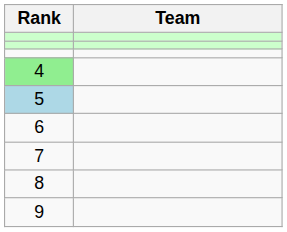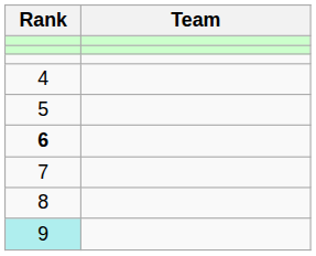 <table class="wikitable" style="text-align: center;">
 <tr>
 <th width="55">Rank</th>
 <th width="180">Team</th>
 </tr>
 <tr bgcolor="ccffcc">
 <td></td>
 <td align="left"></td>
 </tr>
 <tr bgcolor="ccffcc">
 <td></td>
 <td align="left"></td>
 </tr>
 <tr>
 <td></td>
 <td align="left"></td>
 </tr>
 <tr>
-<td style="background: lightgreen;">4</td>
+<td>4</td>
 <td align="left"></td>
 </tr>
 <tr>
-<td style="background: lightblue;">5</td>
+<td>5</td>
 <td align="left"></td>
 </tr>
 <tr>
-<td>6</td>
+<td><strong>6</strong></td>
 <td align="left"></td>
 </tr>
 <tr>
 <td>7</td>
 <td align="left"></td>
 </tr>
 <tr>
 <td>8</td>
 <td align="left"></td>
 </tr>
 <tr>
-<td>9</td>
+<td style="background: paleturquoise;">9</td>
 <td align="left"></td>
 </tr>
 </table>
